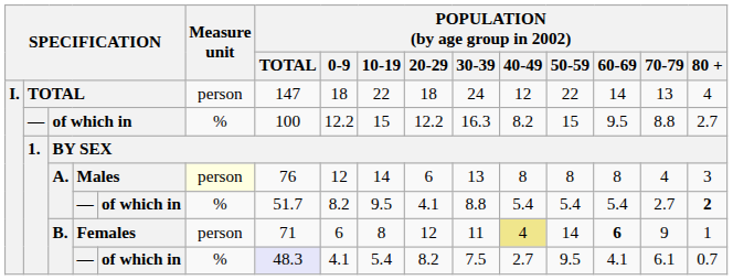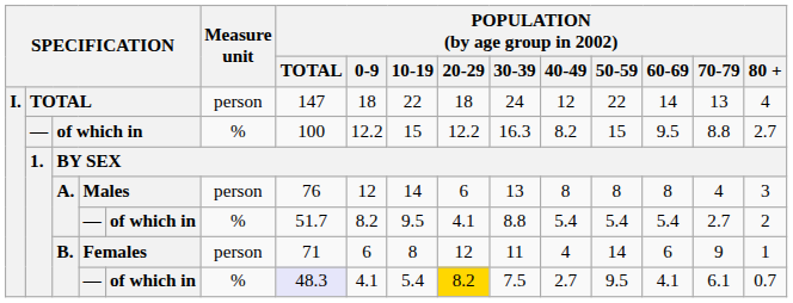 <table class="wikitable" style="font-size:85%; text-align:center">
 <tr>
 <th rowspan="2" colspan="5">SPECIFICATION</th>
 <th rowspan="2">Measure<br> unit</th>
 <th colspan="10" rowspan="1">POPULATION<br> (by age group in 2002)</th>
 </tr>
 <tr>
 <th>TOTAL</th>
 <th>0-9</th>
 <th>10-19</th>
 <th>20-29</th>
 <th>30-39</th>
 <th>40-49</th>
 <th>50-59</th>
 <th>60-69</th>
 <th>70-79</th>
 <th>80 +</th>
 </tr>
 <tr>
 <th style="text-align:left" valign="top" rowspan="7">I.</th>
 <th style="text-align:left" colspan="4">TOTAL</th>
 <td>person</td>
 <td>147</td>
 <td>18</td>
 <td>22</td>
 <td>18</td>
 <td>24</td>
 <td>12</td>
 <td>22</td>
 <td>14</td>
 <td>13</td>
 <td>4</td>
 </tr>
 <tr>
 <th style="text-align:left" valign="top">—</th>
 <th style="text-align:left" colspan="3">of which in</th>
 <td>%</td>
 <td>100</td>
 <td>12.2</td>
 <td>15</td>
 <td>12.2</td>
 <td>16.3</td>
 <td>8.2</td>
 <td>15</td>
 <td>9.5</td>
 <td>8.8</td>
 <td>2.7</td>
 </tr>
 <tr>
 <th style="text-align:left" valign="top" rowspan="5">1.</th>
 <th style="text-align:left" colspan="14">BY SEX</th>
 </tr>
 <tr>
 <th style="text-align:left" valign="top" rowspan="2">A.</th>
 <th style="text-align:left" colspan="2">Males</th>
-<td style="background: lightyellow;">person</td>
+<td>person</td>
 <td>76</td>
 <td>12</td>
 <td>14</td>
 <td>6</td>
 <td>13</td>
 <td>8</td>
 <td>8</td>
 <td>8</td>
 <td>4</td>
 <td>3</td>
 </tr>
 <tr>
 <th style="text-align:left" valign="top">—</th>
 <th style="text-align:left" colspan="1">of which in</th>
 <td>%</td>
 <td>51.7</td>
 <td>8.2</td>
 <td>9.5</td>
 <td>4.1</td>
 <td>8.8</td>
 <td>5.4</td>
 <td>5.4</td>
 <td>5.4</td>
 <td>2.7</td>
-<td><strong>2</strong></td>
+<td>2</td>
 </tr>
 <tr>
 <th style="text-align:left" valign="top" rowspan="2">B.</th>
 <th style="text-align:left" colspan="2">Females</th>
 <td>person</td>
 <td>71</td>
 <td>6</td>
 <td>8</td>
 <td>12</td>
 <td>11</td>
-<td style="background: khaki;">4</td>
+<td>4</td>
 <td>14</td>
-<td><strong>6</strong></td>
+<td>6</td>
 <td>9</td>
 <td>1</td>
 </tr>
 <tr>
 <th style="text-align:left" valign="top">—</th>
 <th style="text-align:left" colspan="1">of which in</th>
 <td>%</td>
 <td style="background: lavender;">48.3</td>
 <td>4.1</td>
 <td>5.4</td>
-<td>8.2</td>
+<td style="background: gold;">8.2</td>
 <td>7.5</td>
 <td>2.7</td>
 <td>9.5</td>
 <td>4.1</td>
 <td>6.1</td>
 <td>0.7</td>
 </tr>
 </table>
